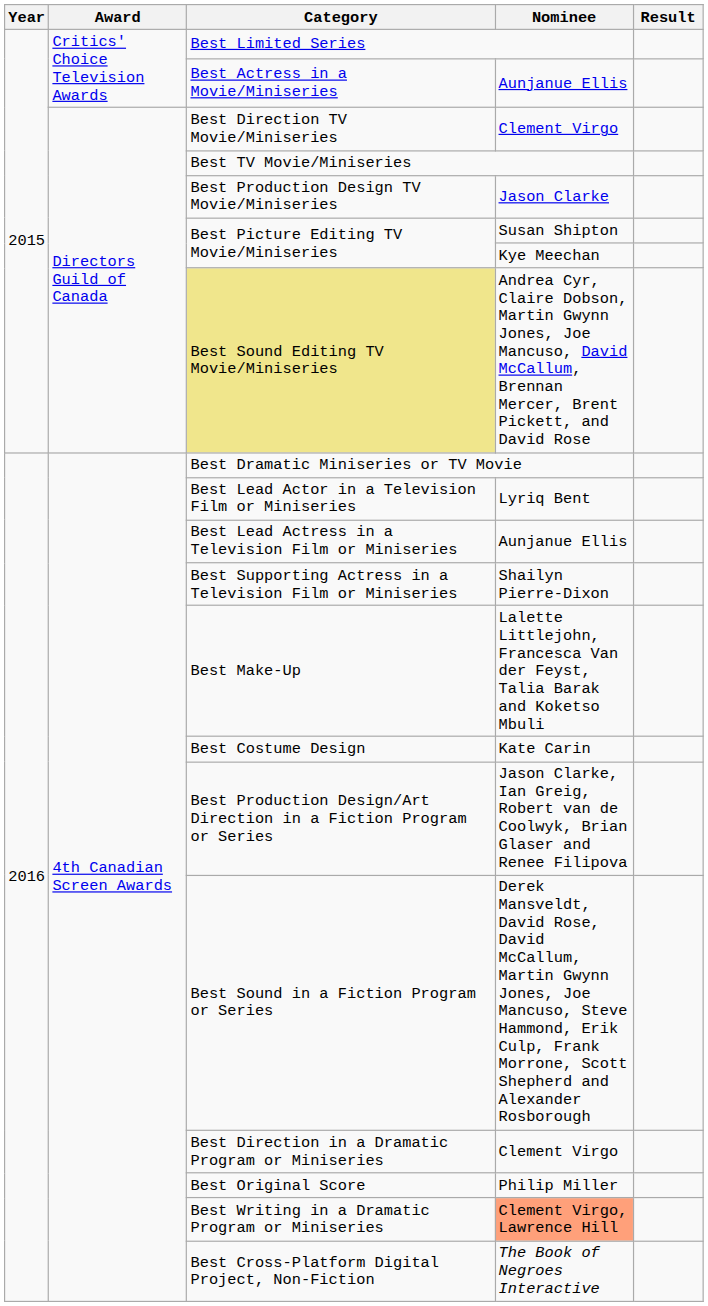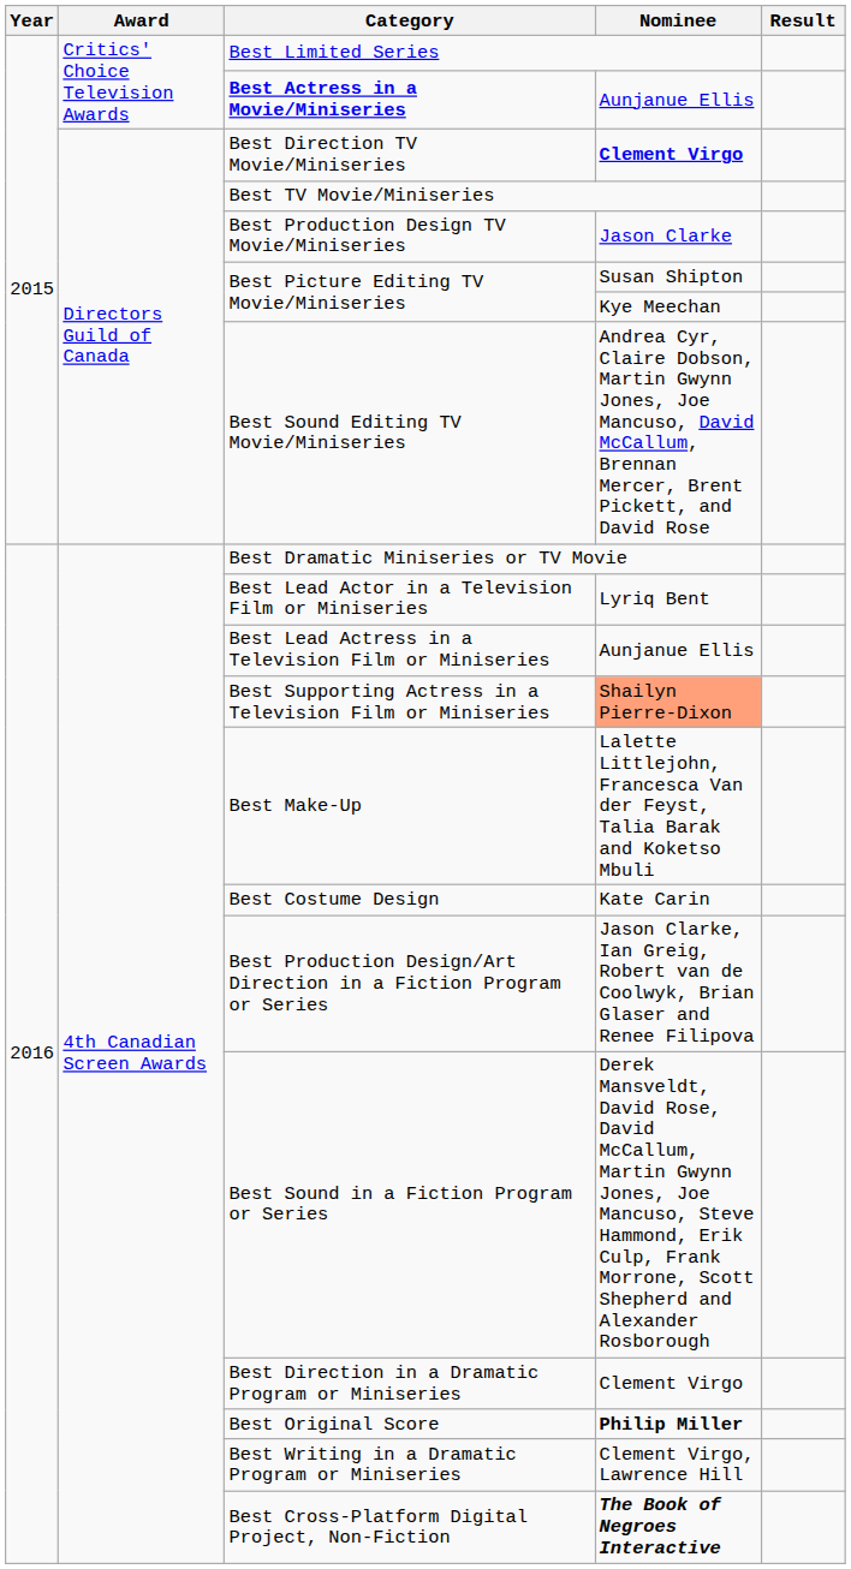 <table class="wikitable" width="95%">
 <tr>
 <th width="5%">Year</th>
 <th width="20%">Award</th>
 <th width="45%">Category</th>
 <th width="20%">Nominee</th>
 <th width="10%">Result</th>
 </tr>
 <tr>
 <td rowspan="8" align="center">2015</td>
 <td rowspan="2"><a href='#'>Critics' Choice Television Awards</a></td>
 <td colspan="2"><a href='#'>Best Limited Series</a></td>
 <td></td>
 </tr>
 <tr>
-<td><a href='#'>Best Actress in a Movie/Miniseries</a></td>
+<td><strong><a href='#'>Best Actress in a Movie/Miniseries</a></strong></td>
 <td><a href='#'>Aunjanue Ellis</a></td>
 <td></td>
 </tr>
 <tr>
 <td rowspan=6><a href='#'>Directors Guild of Canada</a></td>
 <td>Best Direction TV Movie/Miniseries</td>
-<td><a href='#'>Clement Virgo</a></td>
+<td><strong><a href='#'>Clement Virgo</a></strong></td>
 <td></td>
 </tr>
 <tr>
 <td colspan="2">Best TV Movie/Miniseries</td>
 <td></td>
 </tr>
 <tr>
 <td>Best Production Design TV Movie/Miniseries</td>
 <td><a href='#'>Jason Clarke</a></td>
 <td></td>
 </tr>
 <tr>
 <td rowspan=2>Best Picture Editing TV Movie/Miniseries</td>
 <td>Susan Shipton</td>
 <td></td>
 </tr>
 <tr>
 <td>Kye Meechan</td>
 <td></td>
 </tr>
 <tr>
-<td style="background: khaki;">Best Sound Editing TV Movie/Miniseries</td>
+<td>Best Sound Editing TV Movie/Miniseries</td>
 <td>Andrea Cyr, Claire Dobson, Martin Gwynn Jones, Joe Mancuso, <a href='#'>David McCallum</a>, Brennan Mercer, Brent Pickett, and David Rose</td>
 <td></td>
 </tr>
 <tr>
 <td rowspan="12" align="center">2016</td>
 <td rowspan="12"><a href='#'>4th Canadian Screen Awards</a></td>
 <td colspan="2">Best Dramatic Miniseries or TV Movie</td>
 <td></td>
 </tr>
 <tr>
 <td>Best Lead Actor in a Television Film or Miniseries</td>
 <td>Lyriq Bent</td>
 <td></td>
 </tr>
 <tr>
 <td>Best Lead Actress in a Television Film or Miniseries</td>
 <td>Aunjanue Ellis</td>
 <td></td>
 </tr>
 <tr>
 <td>Best Supporting Actress in a Television Film or Miniseries</td>
-<td>Shailyn Pierre-Dixon</td>
+<td style="background: lightsalmon;">Shailyn Pierre-Dixon</td>
 <td></td>
 </tr>
 <tr>
 <td>Best Make-Up</td>
 <td>Lalette Littlejohn, Francesca Van der Feyst, Talia Barak and Koketso Mbuli</td>
 <td></td>
 </tr>
 <tr>
 <td>Best Costume Design</td>
 <td>Kate Carin</td>
 <td></td>
 </tr>
 <tr>
 <td>Best Production Design/Art Direction in a Fiction Program or Series</td>
 <td>Jason Clarke, Ian Greig, Robert van de Coolwyk, Brian Glaser and Renee Filipova</td>
 <td></td>
 </tr>
 <tr>
 <td>Best Sound in a Fiction Program or Series</td>
 <td>Derek Mansveldt, David Rose, David McCallum, Martin Gwynn Jones, Joe Mancuso, Steve Hammond, Erik Culp, Frank Morrone, Scott Shepherd and Alexander Rosborough</td>
 <td></td>
 </tr>
 <tr>
 <td>Best Direction in a Dramatic Program or Miniseries</td>
 <td>Clement Virgo</td>
 <td></td>
 </tr>
 <tr>
 <td>Best Original Score</td>
-<td>Philip Miller</td>
+<td><strong>Philip Miller</strong></td>
 <td></td>
 </tr>
 <tr>
 <td>Best Writing in a Dramatic Program or Miniseries</td>
-<td style="background: lightsalmon;">Clement Virgo, Lawrence Hill</td>
+<td>Clement Virgo, Lawrence Hill</td>
 <td></td>
 </tr>
 <tr>
 <td>Best Cross-Platform Digital Project, Non-Fiction</td>
-<td><em>The Book of Negroes Interactive</em></td>
+<td><strong><em>The Book of Negroes Interactive</em></strong></td>
 <td></td>
 </tr>
 </table>
